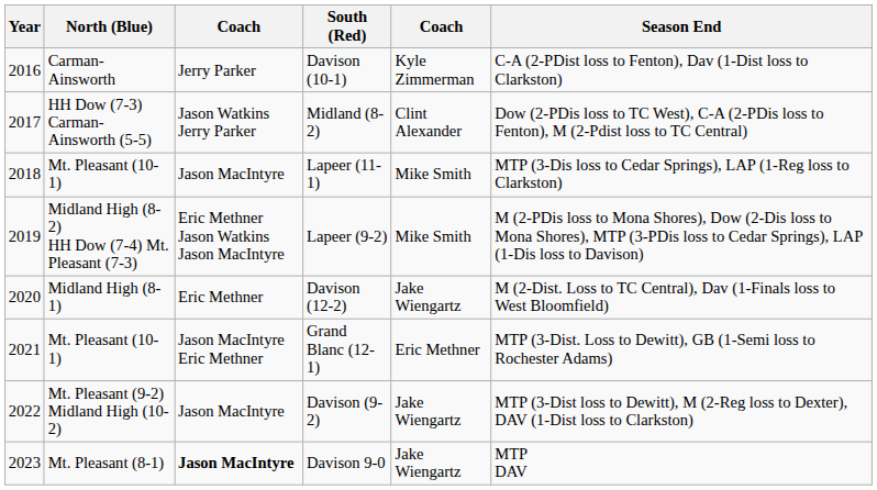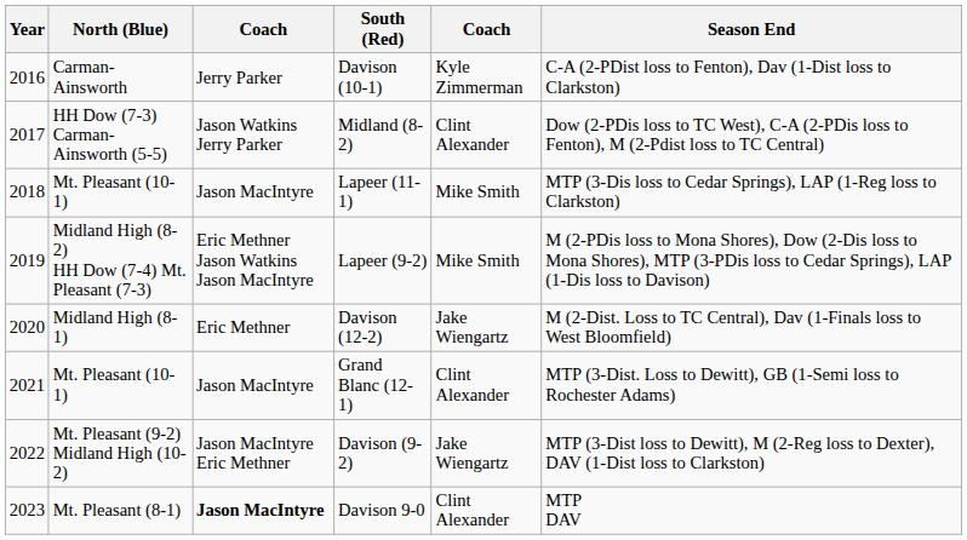 <table class="wikitable mw-collapsible mw-collapsed">
 <tr>
 <th>Year</th>
 <th>North (Blue)</th>
 <th>Coach</th>
 <th>South (Red)</th>
 <th>Coach</th>
 <th>Season End</th>
 </tr>
 <tr>
 <td>2016</td>
 <td>Carman-Ainsworth</td>
 <td>Jerry Parker</td>
 <td>Davison (10-1)</td>
 <td>Kyle Zimmerman</td>
 <td>C-A (2-PDist loss to Fenton), Dav (1-Dist loss to Clarkston)</td>
 </tr>
 <tr>
 <td>2017</td>
 <td>HH Dow (7-3)<br>Carman-Ainsworth (5-5)</td>
 <td>Jason Watkins<br>Jerry Parker</td>
 <td>Midland (8-2)</td>
 <td>Clint Alexander</td>
 <td>Dow (2-PDis loss to TC West), C-A (2-PDis loss to Fenton), M (2-Pdist loss to TC Central)</td>
 </tr>
 <tr>
 <td>2018</td>
 <td>Mt. Pleasant (10-1)</td>
 <td>Jason MacIntyre</td>
 <td>Lapeer (11-1)</td>
 <td>Mike Smith</td>
 <td>MTP (3-Dis loss to Cedar Springs), LAP (1-Reg loss to Clarkston)</td>
 </tr>
 <tr>
 <td>2019</td>
 <td>Midland High (8-2)<br>HH Dow (7-4) Mt. Pleasant (7-3)</td>
 <td>Eric Methner<br>Jason Watkins Jason MacIntyre</td>
 <td>Lapeer (9-2)</td>
 <td>Mike Smith</td>
 <td>M (2-PDis loss to Mona Shores), Dow (2-Dis loss to Mona Shores), MTP (3-PDis loss to Cedar Springs), LAP (1-Dis loss to Davison)</td>
 </tr>
 <tr>
 <td>2020</td>
 <td>Midland High (8-1)</td>
 <td>Eric Methner</td>
 <td>Davison (12-2)</td>
 <td>Jake Wiengartz</td>
 <td>M (2-Dist. Loss to TC Central), Dav (1-Finals loss to West Bloomfield)</td>
 </tr>
 <tr>
 <td>2021</td>
 <td>Mt. Pleasant (10-1)</td>
-<td>Jason MacIntyre<br>Eric Methner</td>
+<td>Jason MacIntyre</td>
 <td>Grand Blanc (12-1)</td>
-<td>Eric Methner</td>
+<td>Clint Alexander</td>
 <td>MTP (3-Dist. Loss to Dewitt), GB (1-Semi loss to Rochester Adams)</td>
 </tr>
 <tr>
 <td>2022</td>
 <td>Mt. Pleasant (9-2)<br>Midland High (10-2)</td>
-<td>Jason MacIntyre</td>
+<td>Jason MacIntyre<br>Eric Methner</td>
 <td>Davison (9-2)</td>
 <td>Jake Wiengartz</td>
 <td>MTP (3-Dist loss to Dewitt), M (2-Reg loss to Dexter), DAV (1-Dist loss to Clarkston)</td>
 </tr>
 <tr>
 <td>2023</td>
 <td>Mt. Pleasant (8-1)</td>
 <td><strong>Jason MacIntyre</strong></td>
 <td>Davison 9-0</td>
-<td>Jake Wiengartz</td>
+<td>Clint Alexander</td>
 <td>MTP<br>DAV</td>
 </tr>
 </table>
